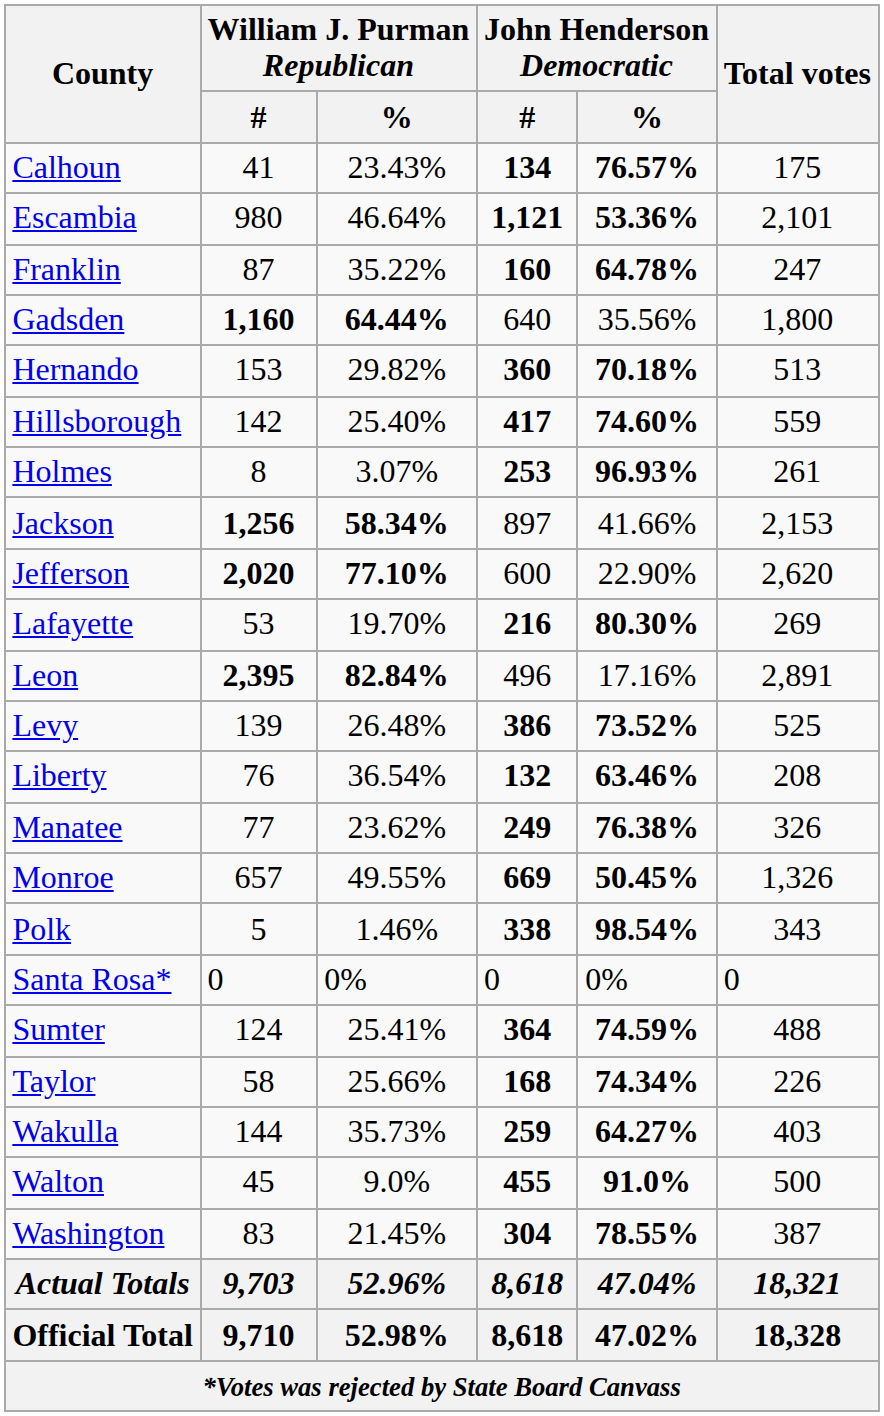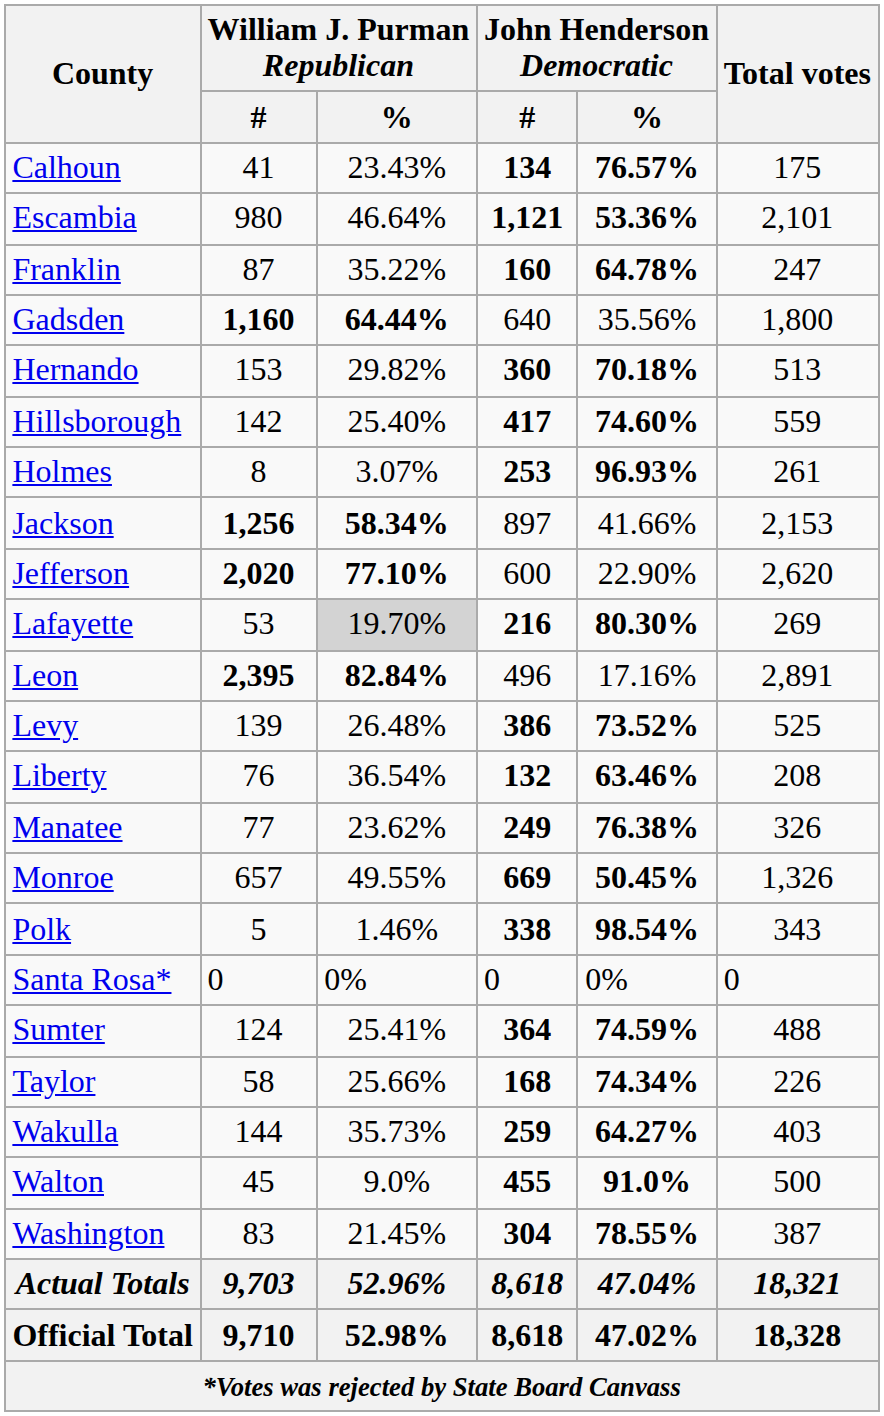 <table class="wikitable sortable">
 <tr>
 <th rowspan="2">County</th>
 <th colspan="2" style="text-align: center;" >William J. Purman <br> <em>Republican</em></th>
 <th colspan="2" style="text-align: center;" >John Henderson <br><em>Democratic</em></th>
 <th rowspan="2">Total votes</th>
 </tr>
 <tr>
 <th colspan="1" style="text-align: center;" >#</th>
 <th colspan="1" style="text-align: center;" >%</th>
 <th colspan="1" style="text-align: center;" >#</th>
 <th colspan="1" style="text-align: center;" >%</th>
 </tr>
 <tr>
 <td><a href='#'>Calhoun</a></td>
 <td align="center">41</td>
 <td align="center">23.43%</td>
 <td align="center"><strong>134</strong></td>
 <td align="center"><strong>76.57%</strong></td>
 <td align="center">175</td>
 </tr>
 <tr>
 <td><a href='#'>Escambia</a></td>
 <td align="center">980</td>
 <td align="center">46.64%</td>
 <td align="center"><strong>1,121</strong></td>
 <td align="center"><strong>53.36%</strong></td>
 <td align="center">2,101</td>
 </tr>
 <tr>
 <td><a href='#'>Franklin</a></td>
 <td align="center">87</td>
 <td align="center">35.22%</td>
 <td align="center"><strong>160</strong></td>
 <td align="center"><strong>64.78%</strong></td>
 <td align="center">247</td>
 </tr>
 <tr>
 <td><a href='#'>Gadsden</a></td>
 <td align="center"><strong>1,160</strong></td>
 <td align="center"><strong>64.44%</strong></td>
 <td align="center">640</td>
 <td align="center">35.56%</td>
 <td align="center">1,800</td>
 </tr>
 <tr>
 <td><a href='#'>Hernando</a></td>
 <td align="center">153</td>
 <td align="center">29.82%</td>
 <td align="center"><strong>360</strong></td>
 <td align="center"><strong>70.18%</strong></td>
 <td align="center">513</td>
 </tr>
 <tr>
 <td><a href='#'>Hillsborough</a></td>
 <td align="center">142</td>
 <td align="center">25.40%</td>
 <td align="center"><strong>417</strong></td>
 <td align="center"><strong>74.60%</strong></td>
 <td align="center">559</td>
 </tr>
 <tr>
 <td><a href='#'>Holmes</a></td>
 <td align="center">8</td>
 <td align="center">3.07%</td>
 <td align="center"><strong>253</strong></td>
 <td align="center"><strong>96.93%</strong></td>
 <td align="center">261</td>
 </tr>
 <tr>
 <td><a href='#'>Jackson</a></td>
 <td align="center"><strong>1,256</strong></td>
 <td align="center"><strong>58.34%</strong></td>
 <td align="center">897</td>
 <td align="center">41.66%</td>
 <td align="center">2,153</td>
 </tr>
 <tr>
 <td><a href='#'>Jefferson</a></td>
 <td align="center"><strong>2,020</strong></td>
 <td align="center"><strong>77.10%</strong></td>
 <td align="center">600</td>
 <td align="center">22.90%</td>
 <td align="center">2,620</td>
 </tr>
 <tr>
 <td><a href='#'>Lafayette</a></td>
 <td align="center">53</td>
-<td align="center">19.70%</td>
+<td align="center" style="background: lightgrey;">19.70%</td>
 <td align="center"><strong>216</strong></td>
 <td align="center"><strong>80.30%</strong></td>
 <td align="center">269</td>
 </tr>
 <tr>
 <td><a href='#'>Leon</a></td>
 <td align="center"><strong>2,395</strong></td>
 <td align="center"><strong>82.84%</strong></td>
 <td align="center">496</td>
 <td align="center">17.16%</td>
 <td align="center">2,891</td>
 </tr>
 <tr>
 <td><a href='#'>Levy</a></td>
 <td align="center">139</td>
 <td align="center">26.48%</td>
 <td align="center"><strong>386</strong></td>
 <td align="center"><strong>73.52%</strong></td>
 <td align="center">525</td>
 </tr>
 <tr>
 <td><a href='#'>Liberty</a></td>
 <td align="center">76</td>
 <td align="center">36.54%</td>
 <td align="center"><strong>132</strong></td>
 <td align="center"><strong>63.46%</strong></td>
 <td align="center">208</td>
 </tr>
 <tr>
 <td><a href='#'>Manatee</a></td>
 <td align="center">77</td>
 <td align="center">23.62%</td>
 <td align="center"><strong>249</strong></td>
 <td align="center"><strong>76.38%</strong></td>
 <td align="center">326</td>
 </tr>
 <tr>
 <td><a href='#'>Monroe</a></td>
 <td align="center">657</td>
 <td align="center">49.55%</td>
 <td align="center"><strong>669</strong></td>
 <td align="center"><strong>50.45%</strong></td>
 <td align="center">1,326</td>
 </tr>
 <tr>
 <td><a href='#'>Polk</a></td>
 <td align="center">5</td>
 <td align="center">1.46%</td>
 <td align="center"><strong>338</strong></td>
 <td align="center"><strong>98.54%</strong></td>
 <td align="center">343</td>
 </tr>
 <tr>
 <td><a href='#'>Santa Rosa*</a></td>
 <td>0</td>
 <td>0%</td>
 <td>0</td>
 <td>0%</td>
 <td>0</td>
 </tr>
 <tr>
 <td><a href='#'>Sumter</a></td>
 <td align="center">124</td>
 <td align="center">25.41%</td>
 <td align="center"><strong>364</strong></td>
 <td align="center"><strong>74.59%</strong></td>
 <td align="center">488</td>
 </tr>
 <tr>
 <td><a href='#'>Taylor</a></td>
 <td align="center">58</td>
 <td align="center">25.66%</td>
 <td align="center"><strong>168</strong></td>
 <td align="center"><strong>74.34%</strong></td>
 <td align="center">226</td>
 </tr>
 <tr>
 <td><a href='#'>Wakulla</a></td>
 <td align="center">144</td>
 <td align="center">35.73%</td>
 <td align="center"><strong>259</strong></td>
 <td align="center"><strong>64.27%</strong></td>
 <td align="center">403</td>
 </tr>
 <tr>
 <td><a href='#'>Walton</a></td>
 <td align="center">45</td>
 <td align="center">9.0%</td>
 <td align="center"><strong>455</strong></td>
 <td align="center"><strong>91.0%</strong></td>
 <td align="center">500</td>
 </tr>
 <tr>
 <td><a href='#'>Washington</a></td>
 <td align="center">83</td>
 <td align="center">21.45%</td>
 <td align="center"><strong>304</strong></td>
 <td align="center"><strong>78.55%</strong></td>
 <td align="center">387</td>
 </tr>
 <tr>
 <th><em>Actual Totals</em></th>
 <th><em>9,703</em></th>
 <th><em>52.96%</em></th>
 <th><em>8,618</em></th>
 <th><em>47.04%</em></th>
 <th><em>18,321</em></th>
 </tr>
 <tr>
 <th>Official Total</th>
 <th>9,710</th>
 <th>52.98%</th>
 <th>8,618</th>
 <th>47.02%</th>
 <th>18,328</th>
 </tr>
 <tr>
 <th colspan="6"><strong><em><small>*Votes was rejected by State Board Canvass</small></em></strong></th>
 </tr>
 </table>
